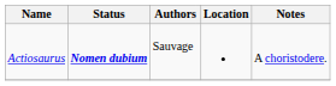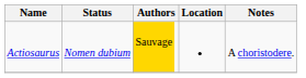 <table class="wikitable sortable">
 <tr>
 <th>Name</th>
 <th>Status</th>
 <th colspan="2">Authors</th>
 <th>Location</th>
 <th>Notes</th>
 </tr>
 <tr>
 <td><br><em><a href='#'>Actiosaurus</a></em></td>
-<td><strong><br><em><a href='#'>Nomen dubium</a></em></strong></td>
-<td style="border-right:0px" valign="top"><br>Sauvage</td>
+<td><br><em><a href='#'>Nomen dubium</a></em></td>
+<td style="background: gold; border-right:0px" valign="top"><br>Sauvage</td>
 <td style="border-left:0px" valign="top"></td>
 <td><br><ul><li></li></ul></td>
 <td><br>A <a href='#'>choristodere</a>.</td>
 </tr>
 <tr>
 </tr>
 </table>
